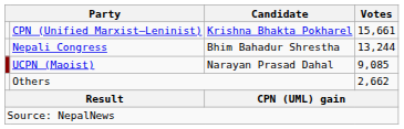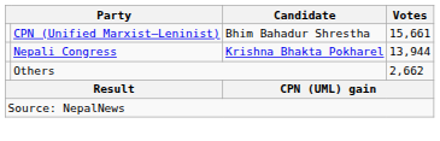 <table class="wikitable">
 <tr>
 <th colspan="2">Party</th>
 <th>Candidate</th>
 <th>Votes</th>
 </tr>
 <tr>
 <td style="background-color:"></td>
 <td><a href='#'>CPN (Unified Marxist–Leninist)</a></td>
-<td><a href='#'>Krishna Bhakta Pokharel</a></td>
+<td>Bhim Bahadur Shrestha</td>
 <td>15,661</td>
 </tr>
 <tr>
 <td style="background-color:"></td>
 <td><a href='#'>Nepali Congress</a></td>
-<td>Bhim Bahadur Shrestha</td>
-<td>13,244</td>
-</tr>
-<tr>
-<td style="background-color:darkred"></td>
-<td><a href='#'>UCPN (Maoist)</a></td>
-<td>Narayan Prasad Dahal</td>
-<td>9,085</td>
+<td><a href='#'>Krishna Bhakta Pokharel</a></td>
+<td>13,944</td>
 </tr>
 <tr>
 <td></td>
 <td colspan="2">Others</td>
 <td>2,662</td>
 </tr>
 <tr>
 <th colspan="2">Result</th>
 <th colspan="2">CPN (UML) gain</th>
 </tr>
 <tr>
 <td colspan="4">Source: NepalNews</td>
 </tr>
 </table>
